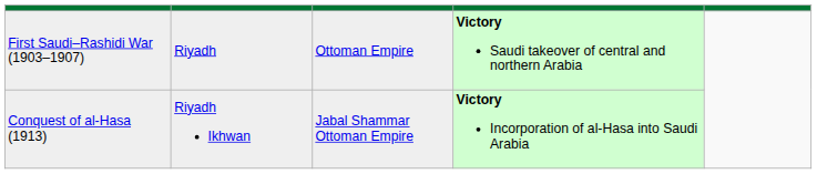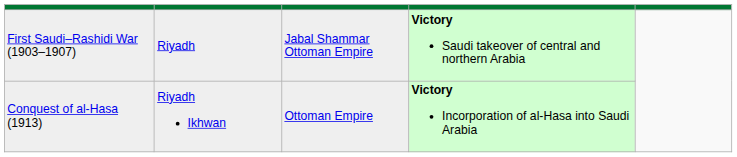 <table class="wikitable">
 <tr>
 <th style="background:#007733" width="190"></th>
 <th style="background:#007733" width="160"></th>
 <th style="background:#007733" width="160"></th>
 <th style="background:#007733" width="290"></th>
 <th style="background:#007733" width="120"></th>
 </tr>
 <tr>
 <td style="background:#efefef"><a href='#'>First Saudi–Rashidi War</a><br>(1903–1907)</td>
 <td style="background:#efefef"> <a href='#'>Riyadh</a></td>
-<td style="background:#efefef"> <a href='#'>Ottoman Empire</a></td>
+<td style="background:#efefef"> <a href='#'>Jabal Shammar</a><br> <a href='#'>Ottoman Empire</a></td>
 <td style="background:#D0FFD0"><strong>Victory</strong><br><ul><li>Saudi takeover of central and northern Arabia</li></ul></td>
 <td rowspan="2"></td>
 </tr>
 <tr>
 <td style="background:#efefef"><a href='#'>Conquest of al-Hasa</a><br>(1913)</td>
 <td style="background:#efefef"> <a href='#'>Riyadh</a><br><ul><li> <a href='#'>Ikhwan</a></li></ul></td>
-<td style="background:#efefef"> <a href='#'>Jabal Shammar</a><br> <a href='#'>Ottoman Empire</a></td>
+<td style="background:#efefef"> <a href='#'>Ottoman Empire</a></td>
 <td style="background:#D0FFD0"><strong>Victory</strong><br><ul><li>Incorporation of al-Hasa into Saudi Arabia</li></ul></td>
 </tr>
 </table>
